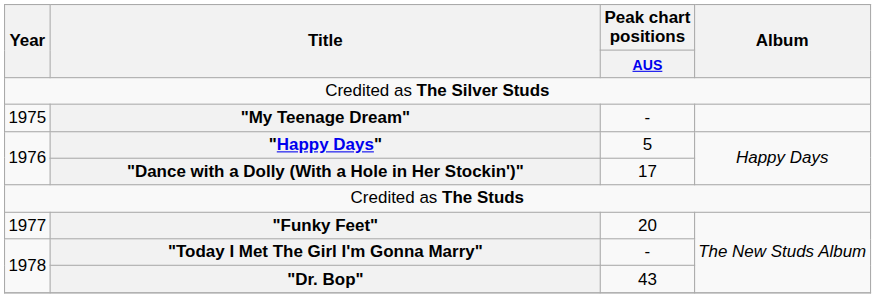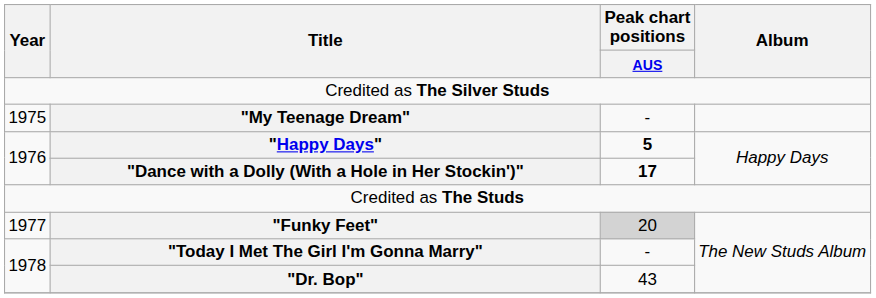 <table class="wikitable plainrowheaders" style="text-align:center;" border="1">
 <tr>
 <th scope="col" rowspan="2">Year</th>
 <th scope="col" rowspan="2" style="width:32em;">Title</th>
 <th scope="col" colspan="1">Peak chart<br>positions</th>
 <th scope="col" rowspan="2">Album</th>
 </tr>
 <tr>
 <th scope="col" style="text-align:center;"><small><a href='#'>AUS</a></small><br></th>
 </tr>
 <tr>
 <td colspan=4>Credited as <strong>The Silver Studs</strong></td>
 </tr>
 <tr>
 <td>1975</td>
 <th scope="row">"My Teenage Dream"</th>
 <td>-</td>
 <td></td>
 </tr>
 <tr>
 <td rowspan="2">1976</td>
 <th scope="row">"<a href='#'>Happy Days</a>"</th>
-<td>5</td>
+<td><strong>5</strong></td>
 <td rowspan="2"><em>Happy Days</em></td>
 </tr>
 <tr>
 <th scope="row">"Dance with a Dolly (With a Hole in Her Stockin')"</th>
-<td>17</td>
+<td><strong>17</strong></td>
 </tr>
 <tr>
 <td colspan=4>Credited as <strong>The Studs</strong></td>
 </tr>
 <tr>
 <td>1977</td>
 <th scope="row">"Funky Feet"</th>
-<td>20</td>
+<td style="background: lightgrey;">20</td>
 <td rowspan="3"><em>The New Studs Album</em></td>
 </tr>
 <tr>
 <td rowspan="2">1978</td>
 <th scope="row">"Today I Met The Girl I'm Gonna Marry"</th>
 <td>-</td>
 </tr>
 <tr>
 <th scope="row">"Dr. Bop"</th>
 <td>43</td>
 </tr>
 <tr>
 </tr>
 </table>
